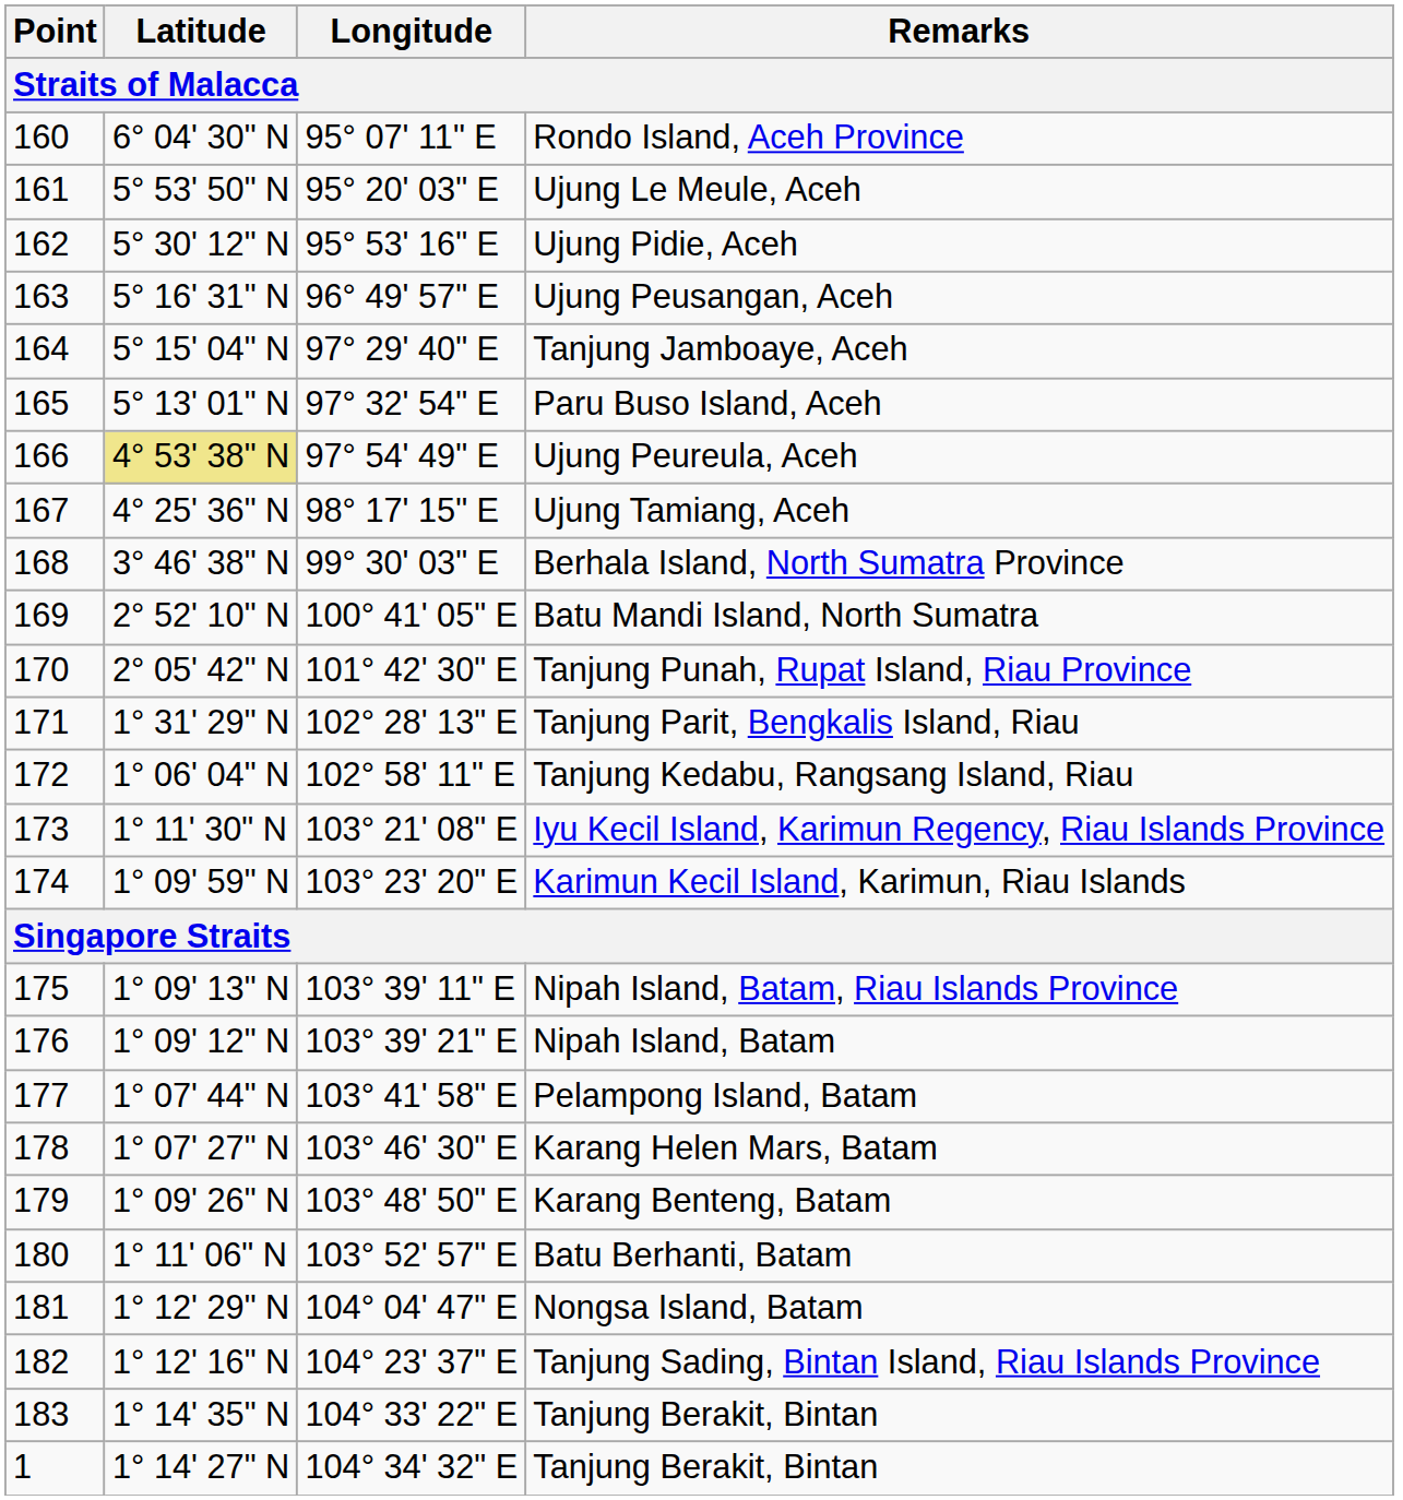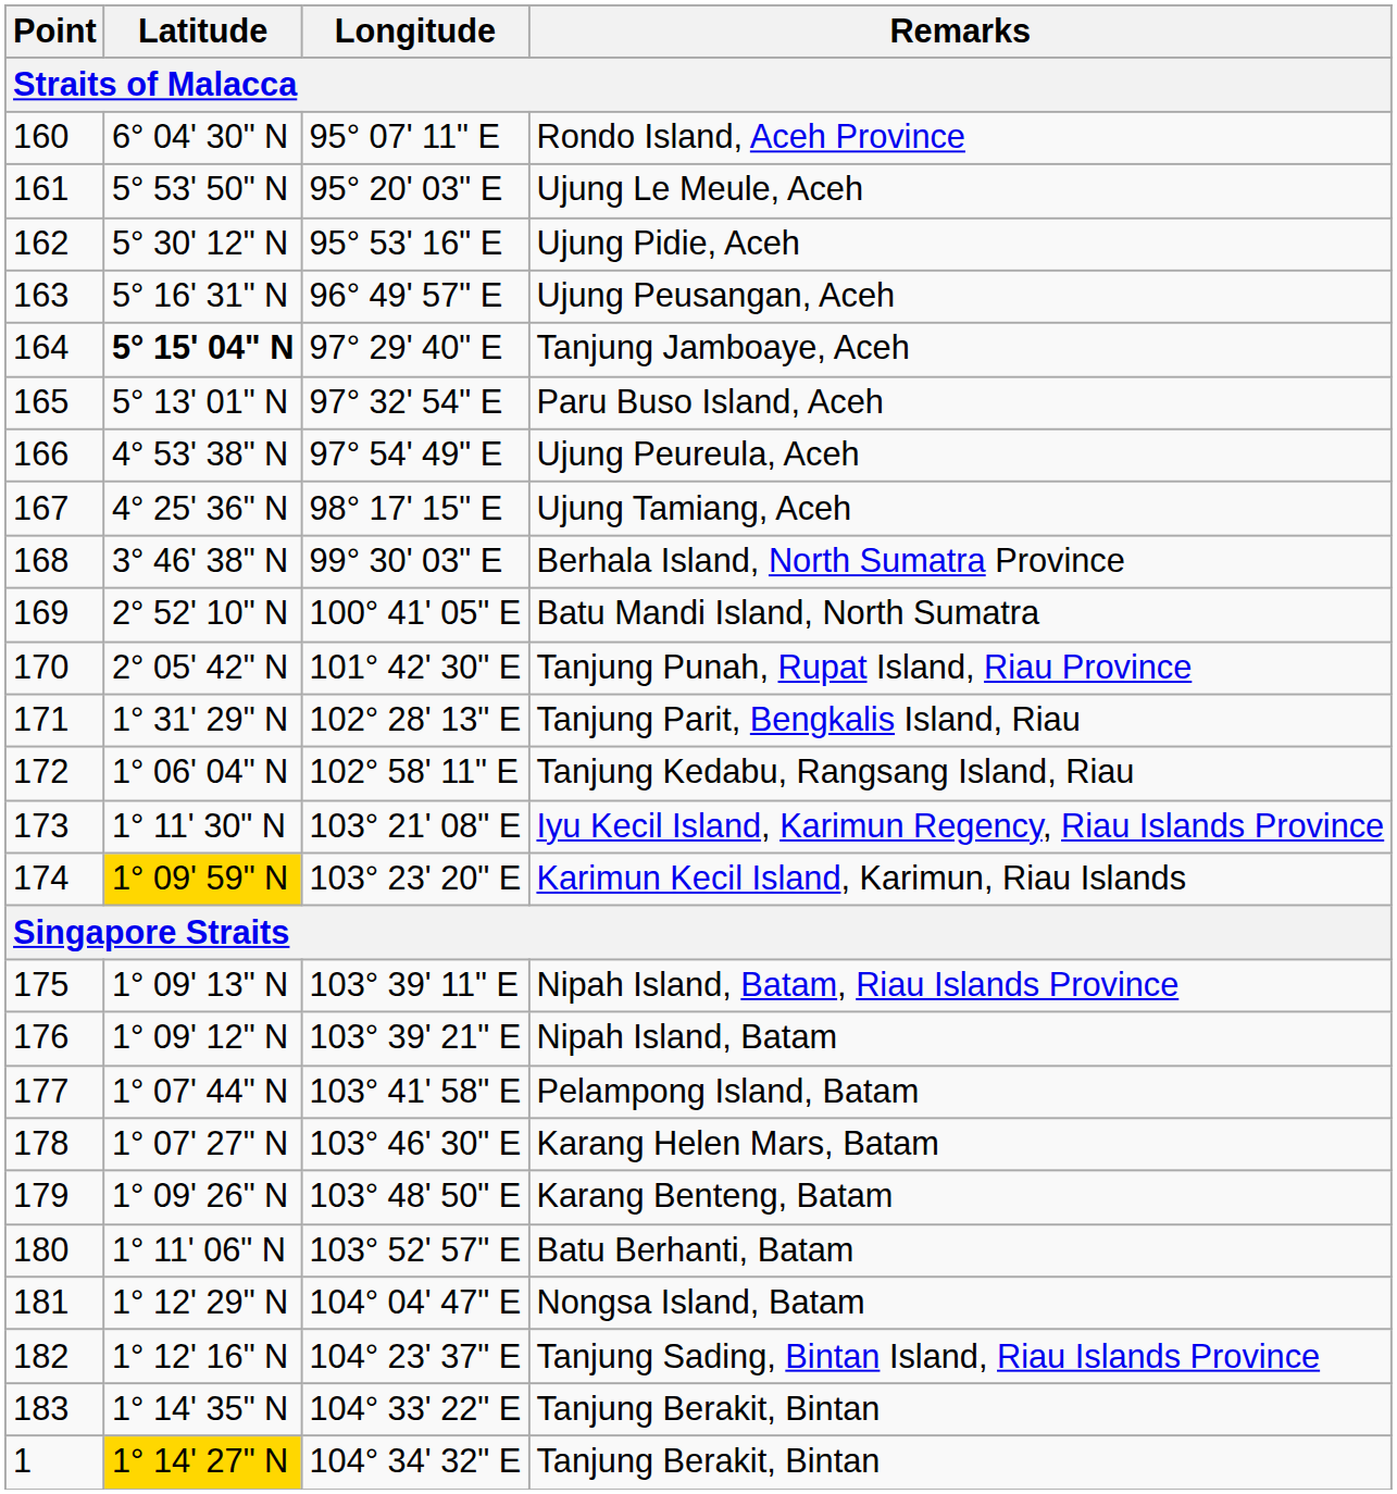 <table class="wikitable">
 <tr>
 <th>Point</th>
 <th>Latitude</th>
 <th>Longitude</th>
 <th>Remarks</th>
 </tr>
 <tr>
 <th colspan="5" style="text-align:left"><a href='#'>Straits of Malacca</a></th>
 </tr>
 <tr>
 <td>160</td>
 <td>6° 04' 30" N</td>
 <td>95° 07' 11" E</td>
 <td>Rondo Island, <a href='#'>Aceh Province</a></td>
 </tr>
 <tr>
 <td>161</td>
 <td>5° 53' 50" N</td>
 <td>95° 20' 03" E</td>
 <td>Ujung Le Meule, Aceh</td>
 </tr>
 <tr>
 <td>162</td>
 <td>5° 30' 12" N</td>
 <td>95° 53' 16" E</td>
 <td>Ujung Pidie, Aceh</td>
 </tr>
 <tr>
 <td>163</td>
 <td>5° 16' 31" N</td>
 <td>96° 49' 57" E</td>
 <td>Ujung Peusangan, Aceh</td>
 </tr>
 <tr>
 <td>164</td>
-<td>5° 15' 04" N</td>
+<td><strong>5° 15' 04" N</strong></td>
 <td>97° 29' 40" E</td>
 <td>Tanjung Jamboaye, Aceh</td>
 </tr>
 <tr>
 <td>165</td>
 <td>5° 13' 01" N</td>
 <td>97° 32' 54" E</td>
 <td>Paru Buso Island, Aceh</td>
 </tr>
 <tr>
 <td>166</td>
-<td style="background: khaki;">4° 53' 38" N</td>
+<td>4° 53' 38" N</td>
 <td>97° 54' 49" E</td>
 <td>Ujung Peureula, Aceh</td>
 </tr>
 <tr>
 <td>167</td>
 <td>4° 25' 36" N</td>
 <td>98° 17' 15" E</td>
 <td>Ujung Tamiang, Aceh</td>
 </tr>
 <tr>
 <td>168</td>
 <td>3° 46' 38" N</td>
 <td>99° 30' 03" E</td>
 <td>Berhala Island, <a href='#'>North Sumatra</a> Province</td>
 </tr>
 <tr>
 <td>169</td>
 <td>2° 52' 10" N</td>
 <td>100° 41' 05" E</td>
 <td>Batu Mandi Island, North Sumatra</td>
 </tr>
 <tr>
 <td>170</td>
 <td>2° 05' 42" N</td>
 <td>101° 42' 30" E</td>
 <td>Tanjung Punah, <a href='#'>Rupat</a> Island, <a href='#'>Riau Province</a></td>
 </tr>
 <tr>
 <td>171</td>
 <td>1° 31' 29" N</td>
 <td>102° 28' 13" E</td>
 <td>Tanjung Parit, <a href='#'>Bengkalis</a> Island, Riau</td>
 </tr>
 <tr>
 <td>172</td>
 <td>1° 06' 04" N</td>
 <td>102° 58' 11" E</td>
 <td>Tanjung Kedabu, Rangsang Island, Riau</td>
 </tr>
 <tr>
 <td>173</td>
 <td>1° 11' 30" N</td>
 <td>103° 21' 08" E</td>
 <td><a href='#'>Iyu Kecil Island</a>, <a href='#'>Karimun Regency</a>, <a href='#'>Riau Islands Province</a></td>
 </tr>
 <tr>
 <td>174</td>
-<td>1° 09' 59" N</td>
+<td style="background: gold;">1° 09' 59" N</td>
 <td>103° 23' 20" E</td>
 <td><a href='#'>Karimun Kecil Island</a>, Karimun, Riau Islands</td>
 </tr>
 <tr>
 <th colspan="5" style="text-align:left"><a href='#'>Singapore Straits</a></th>
 </tr>
 <tr>
 <td>175</td>
 <td>1° 09' 13" N</td>
 <td>103° 39' 11" E</td>
 <td>Nipah Island, <a href='#'>Batam</a>, <a href='#'>Riau Islands Province</a></td>
 </tr>
 <tr>
 <td>176</td>
 <td>1° 09' 12" N</td>
 <td>103° 39' 21" E</td>
 <td>Nipah Island, Batam</td>
 </tr>
 <tr>
 <td>177</td>
 <td>1° 07' 44" N</td>
 <td>103° 41' 58" E</td>
 <td>Pelampong Island, Batam</td>
 </tr>
 <tr>
 <td>178</td>
 <td>1° 07' 27" N</td>
 <td>103° 46' 30" E</td>
 <td>Karang Helen Mars, Batam</td>
 </tr>
 <tr>
 <td>179</td>
 <td>1° 09' 26" N</td>
 <td>103° 48' 50" E</td>
 <td>Karang Benteng, Batam</td>
 </tr>
 <tr>
 <td>180</td>
 <td>1° 11' 06" N</td>
 <td>103° 52' 57" E</td>
 <td>Batu Berhanti, Batam</td>
 </tr>
 <tr>
 <td>181</td>
 <td>1° 12' 29" N</td>
 <td>104° 04' 47" E</td>
 <td>Nongsa Island, Batam</td>
 </tr>
 <tr>
 <td>182</td>
 <td>1° 12' 16" N</td>
 <td>104° 23' 37" E</td>
 <td>Tanjung Sading, <a href='#'>Bintan</a> Island, <a href='#'>Riau Islands Province</a></td>
 </tr>
 <tr>
 <td>183</td>
 <td>1° 14' 35" N</td>
 <td>104° 33' 22" E</td>
 <td>Tanjung Berakit, Bintan</td>
 </tr>
 <tr>
 <td>1</td>
-<td>1° 14' 27" N</td>
+<td style="background: gold;">1° 14' 27" N</td>
 <td>104° 34' 32" E</td>
 <td>Tanjung Berakit, Bintan</td>
 </tr>
 </table>
